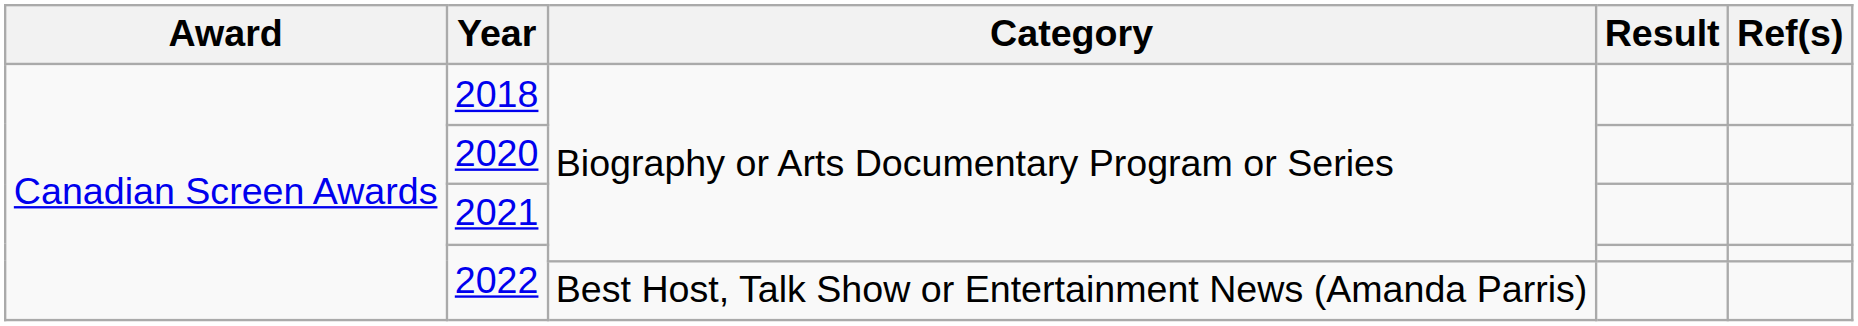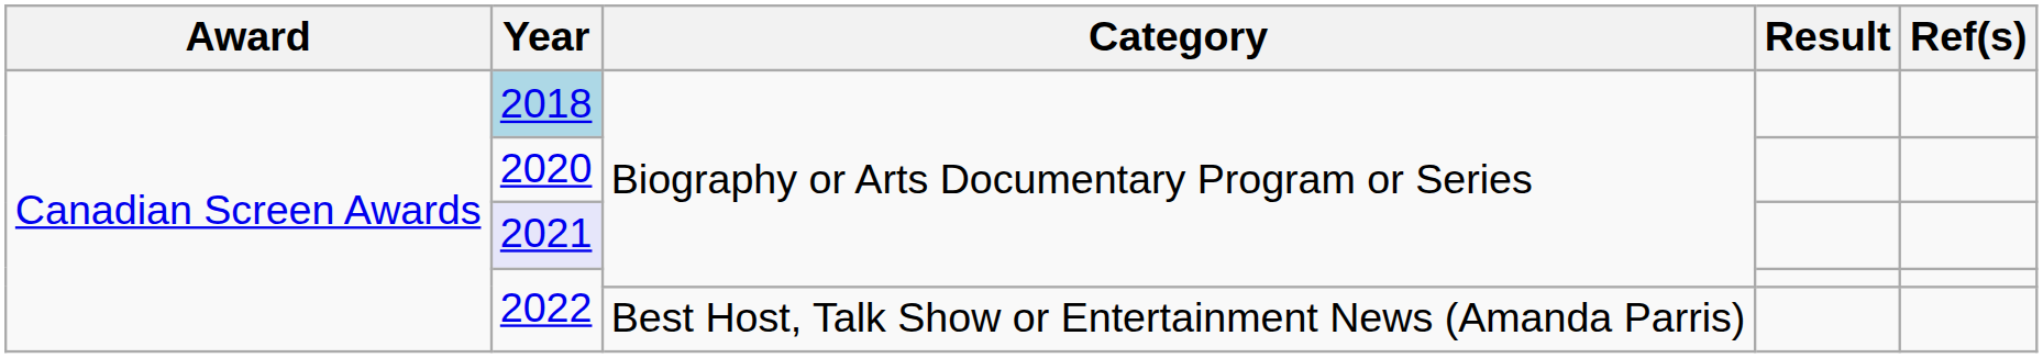 <table class="wikitable plainrowheaders sortable">
 <tr>
 <th>Award</th>
 <th>Year</th>
 <th>Category</th>
 <th>Result</th>
 <th>Ref(s)</th>
 </tr>
 <tr>
 <td rowspan=5><a href='#'>Canadian Screen Awards</a></td>
-<td><a href='#'>2018</a></td>
+<td style="background: lightblue;"><a href='#'>2018</a></td>
 <td rowspan=4>Biography or Arts Documentary Program or Series</td>
 <td></td>
 <td></td>
 </tr>
 <tr>
 <td><a href='#'>2020</a></td>
 <td></td>
 <td></td>
 </tr>
 <tr>
-<td><a href='#'>2021</a></td>
+<td style="background: lavender;"><a href='#'>2021</a></td>
 <td></td>
 <td></td>
 </tr>
 <tr>
 <td rowspan=2><a href='#'>2022</a></td>
 <td></td>
 <td></td>
 </tr>
 <tr>
 <td>Best Host, Talk Show or Entertainment News (Amanda Parris)</td>
 <td></td>
 <td></td>
 </tr>
 </table>
